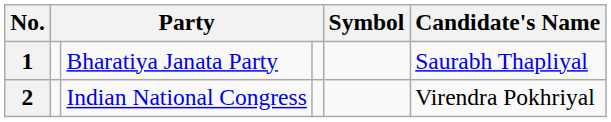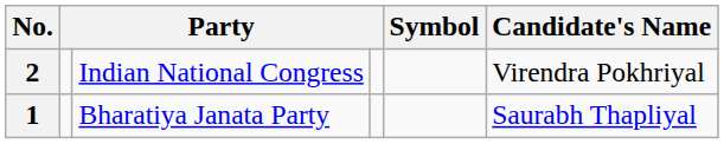 <table class="wikitable sortable">
 <tr>
 <th>No.</th>
 <th colspan="3">Party</th>
 <th>Symbol</th>
 <th>Candidate's Name</th>
+</tr>
+<tr>
+<th>2</th>
+<td style="background:"></td>
+<td><a href='#'>Indian National Congress</a></td>
+<td></td>
+<td></td>
+<td>Virendra Pokhriyal</td>
 </tr>
 <tr>
 <th>1</th>
 <td style="background:"></td>
 <td><a href='#'>Bharatiya Janata Party</a></td>
 <td></td>
 <td></td>
 <td><a href='#'>Saurabh Thapliyal</a></td>
 </tr>
-<tr>
-<th>2</th>
-<td style="background:"></td>
-<td><a href='#'>Indian National Congress</a></td>
-<td></td>
-<td></td>
-<td>Virendra Pokhriyal</td>
-</tr>
 </table>
